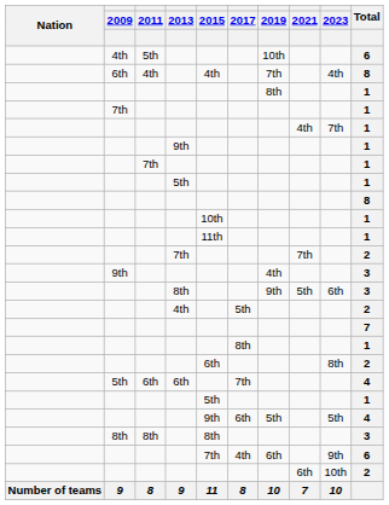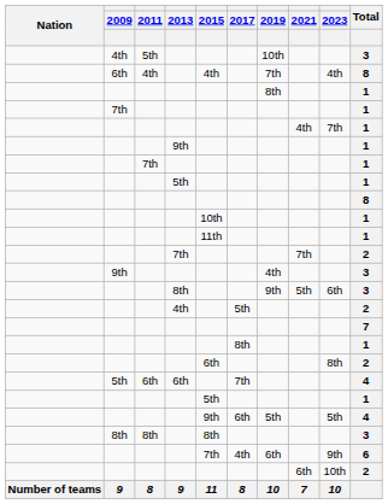 <table class="wikitable plainrowheaders sortable" style="text-align:center; font-size:90%">
 <tr>
 <th scope="col" rowspan="3">Nation</th>
 <th></th>
 <th></th>
 <th></th>
 <th></th>
 <th></th>
 <th></th>
 <th></th>
 <th></th>
 <th scope="col" rowspan="2">Total</th>
 </tr>
 <tr>
 <th><a href='#'>2009</a></th>
 <th><a href='#'>2011</a></th>
 <th><a href='#'>2013</a></th>
 <th><a href='#'>2015</a></th>
 <th><a href='#'>2017</a></th>
 <th><a href='#'>2019</a></th>
 <th><a href='#'>2021</a></th>
 <th><a href='#'>2023</a></th>
 </tr>
 <tr>
 <th height=15px></th>
 <th></th>
 <th></th>
 <th></th>
 <th></th>
 <th></th>
 <th></th>
 <th></th>
 <th></th>
 </tr>
 <tr>
 <td align=left></td>
 <td>4th</td>
 <td>5th</td>
 <td data-sort-value="99"></td>
 <td data-sort-value="3"></td>
 <td data-sort-value="3"></td>
 <td>10th</td>
 <td data-sort-value="3"></td>
 <td data-sort-value="99"></td>
-<th>6</th>
+<th>3</th>
 </tr>
 <tr>
 <td align=left></td>
 <td>6th</td>
 <td>4th</td>
 <td data-sort-value="1"></td>
 <td>4th</td>
 <td data-sort-value="99"></td>
 <td>7th</td>
 <td data-sort-value="99"></td>
 <td>4th</td>
 <th>8</th>
 </tr>
 <tr>
 <td align=left></td>
 <td data-sort-value="99"></td>
 <td data-sort-value="99"></td>
 <td data-sort-value="99"></td>
 <td data-sort-value="99"></td>
 <td data-sort-value="99"></td>
 <td data-sort-value="2019">8th</td>
 <td data-sort-value="99"></td>
 <td data-sort-value="99"></td>
 <th>1</th>
 </tr>
 <tr>
 <td align=left></td>
 <td>7th</td>
 <td data-sort-value="99"></td>
 <td data-sort-value="99"></td>
 <td data-sort-value="99"></td>
 <td data-sort-value="99"></td>
 <td data-sort-value="99"></td>
 <td data-sort-value="99"></td>
 <td data-sort-value="99"></td>
 <th>1</th>
 </tr>
 <tr>
 <td align=left></td>
 <td data-sort-value="99"></td>
 <td data-sort-value="99"></td>
 <td data-sort-value="99"></td>
 <td data-sort-value="99"></td>
 <td data-sort-value="99"></td>
 <td data-sort-value="99"></td>
 <td>4th</td>
 <td>7th</td>
 <th>1</th>
 </tr>
 <tr>
 <td align=left></td>
 <td data-sort-value="99"></td>
 <td data-sort-value="99"></td>
 <td>9th</td>
 <td data-sort-value="99"></td>
 <td data-sort-value="99"></td>
 <td data-sort-value="99"></td>
 <td data-sort-value="99"></td>
 <td data-sort-value="99"></td>
 <th>1</th>
 </tr>
 <tr>
 <td align=left></td>
 <td data-sort-value="99"></td>
 <td>7th</td>
 <td data-sort-value="99"></td>
 <td data-sort-value="99"></td>
 <td data-sort-value="99"></td>
 <td data-sort-value="99"></td>
 <td data-sort-value="99"></td>
 <td data-sort-value="99"></td>
 <th>1</th>
 </tr>
 <tr>
 <td align=left></td>
 <td data-sort-value="99"></td>
 <td data-sort-value="99"></td>
 <td>5th</td>
 <td data-sort-value="99"></td>
 <td data-sort-value="99"></td>
 <td data-sort-value="99"></td>
 <td data-sort-value="99"></td>
 <td data-sort-value="99"></td>
 <th>1</th>
 </tr>
 <tr>
 <td align=left></td>
 <td data-sort-value="1"></td>
 <td data-sort-value="1"></td>
 <td data-sort-value="2"></td>
 <td data-sort-value="1"></td>
 <td data-sort-value="2"></td>
 <td data-sort-value="1"></td>
 <td data-sort-value="1"></td>
 <td data-sort-value="2"></td>
 <th>8</th>
 </tr>
 <tr>
 <td align=left></td>
 <td data-sort-value="99"></td>
 <td data-sort-value="99"></td>
 <td data-sort-value="99"></td>
 <td>10th</td>
 <td data-sort-value="99"></td>
 <td data-sort-value="99"></td>
 <td data-sort-value="99"></td>
 <td data-sort-value="99"></td>
 <th>1</th>
 </tr>
 <tr>
 <td align=left></td>
 <td data-sort-value="99"></td>
 <td data-sort-value="99"></td>
 <td data-sort-value="99"></td>
 <td>11th</td>
 <td data-sort-value="99"></td>
 <td data-sort-value="99"></td>
 <td data-sort-value="99"></td>
 <td data-sort-value="99"></td>
 <th>1</th>
 </tr>
 <tr>
 <td align=left></td>
 <td data-sort-value="99"></td>
 <td data-sort-value="99"></td>
 <td>7th</td>
 <td data-sort-value="99"></td>
 <td data-sort-value="99"></td>
 <td data-sort-value="99"></td>
 <td>7th</td>
 <td data-sort-value="99"></td>
 <th>2</th>
 </tr>
 <tr>
 <td align=left></td>
 <td>9th</td>
 <td data-sort-value="99"></td>
 <td data-sort-value="99"></td>
 <td data-sort-value="99"></td>
 <td data-sort-value="99"></td>
 <td>4th</td>
 <td data-sort-value="99"></td>
 <td data-sort-value="1"></td>
 <th>3</th>
 </tr>
 <tr>
 <td align=left></td>
 <td data-sort-value="99"></td>
 <td data-sort-value="99"></td>
 <td>8th</td>
 <td data-sort-value="99"></td>
 <td data-sort-value="99"></td>
 <td>9th</td>
 <td>5th</td>
 <td>6th</td>
 <th>3</th>
 </tr>
 <tr>
 <td align=left></td>
 <td data-sort-value="99"></td>
 <td data-sort-value="99"></td>
 <td>4th</td>
 <td data-sort-value="99"></td>
 <td>5th</td>
 <td data-sort-value="99"></td>
 <td data-sort-value="99"></td>
 <td data-sort-value="99"></td>
 <th>2</th>
 </tr>
 <tr>
 <td align=left></td>
 <td data-sort-value="2"></td>
 <td data-sort-value="3"></td>
 <td data-sort-value="99"></td>
 <td data-sort-value="2"></td>
 <td></td>
 <td data-sort-value="2"></td>
 <td data-sort-value="2"></td>
 <td data-sort-value="3"></td>
 <th>7</th>
 </tr>
 <tr>
 <td align=left></td>
 <td data-sort-value="99"></td>
 <td data-sort-value="99"></td>
 <td data-sort-value="99"></td>
 <td data-sort-value="99"></td>
 <td>8th</td>
 <td data-sort-value="99"></td>
 <td data-sort-value="99"></td>
 <td data-sort-value="99"></td>
 <th>1</th>
 </tr>
 <tr>
 <td align=left></td>
 <td data-sort-value="99"></td>
 <td data-sort-value="99"></td>
 <td data-sort-value="99"></td>
 <td>6th</td>
 <td data-sort-value="99"></td>
 <td data-sort-value="99"></td>
 <td data-sort-value="99"></td>
 <td>8th</td>
 <th>2</th>
 </tr>
 <tr>
 <td align=left></td>
 <td>5th</td>
 <td>6th</td>
 <td>6th</td>
 <td data-sort-value="99"></td>
 <td>7th</td>
 <td data-sort-value="99"></td>
 <td data-sort-value="99"></td>
 <td data-sort-value="99"></td>
 <th>4</th>
 </tr>
 <tr>
 <td align=left></td>
 <td data-sort-value="3"></td>
 <td data-sort-value="99"></td>
 <td data-sort-value="99"></td>
 <td>5th</td>
 <td data-sort-value="99"></td>
 <td data-sort-value="3"></td>
 <td data-sort-value="99"></td>
 <td data-sort-value="99"></td>
 <th>1</th>
 </tr>
 <tr>
 <td align=left></td>
 <td data-sort-value="99"></td>
 <td data-sort-value="99"></td>
 <td data-sort-value="99"></td>
 <td>9th</td>
 <td>6th</td>
 <td>5th</td>
 <td data-sort-value="99"></td>
 <td>5th</td>
 <th>4</th>
 </tr>
 <tr>
 <td align=left></td>
 <td>8th</td>
 <td>8th</td>
 <td data-sort-value="99"></td>
 <td>8th</td>
 <td data-sort-value="99"></td>
 <td data-sort-value="99"></td>
 <td data-sort-value="99"></td>
 <td data-sort-value="99"></td>
 <th>3</th>
 </tr>
 <tr>
 <td align=left></td>
 <td data-sort-value="99"></td>
 <td data-sort-value="2"></td>
 <td data-sort-value="3"></td>
 <td>7th</td>
 <td>4th</td>
 <td>6th</td>
 <td data-sort-value="99"></td>
 <td>9th</td>
 <th>6</th>
 </tr>
 <tr>
 <td align=left></td>
 <td data-sort-value="99"></td>
 <td data-sort-value="99"></td>
 <td data-sort-value="99"></td>
 <td data-sort-value="99"></td>
 <td data-sort-value="99"></td>
 <td data-sort-value="99"></td>
 <td>6th</td>
 <td>10th</td>
 <th>2</th>
 </tr>
 <tr>
 <th>Number of teams</th>
 <th><em>9</em></th>
 <th><em>8</em></th>
 <th><em>9</em></th>
 <th><em>11</em></th>
 <th><em>8</em></th>
 <th><em>10</em></th>
 <th><em>7</em></th>
 <th><em>10</em></th>
 <th></th>
 </tr>
 </table>
